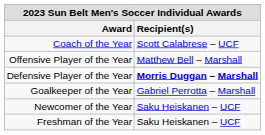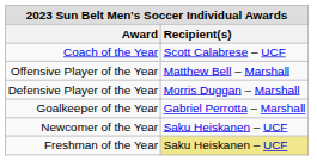 <table class="wikitable" style="white-space:nowrap; font-size:90%;">
 <tr>
 <td colspan="7" style="text-align:center; background:#ddd;"><strong>2023 Sun Belt Men's Soccer Individual Awards</strong></td>
 </tr>
 <tr>
 <th style="text-align:right;">Award</th>
 <th style="text-align:left;">Recipient(s)</th>
 </tr>
 <tr>
 <td style="text-align:right;"><a href='#'>Coach of the Year</a></td>
 <td style="text-align:left;"><a href='#'>Scott Calabrese</a> – <a href='#'>UCF</a></td>
 </tr>
 <tr>
 <td style="text-align:right;">Offensive Player of the Year</td>
 <td style="text-align:left;"><a href='#'>Matthew Bell</a> – <a href='#'>Marshall</a></td>
 </tr>
 <tr>
 <td style="text-align:right;">Defensive Player of the Year</td>
-<td style="text-align:left;"><strong><a href='#'>Morris Duggan</a> – <a href='#'>Marshall</a></strong></td>
+<td style="text-align:left;"><a href='#'>Morris Duggan</a> – <a href='#'>Marshall</a></td>
 </tr>
 <tr>
 <td style="text-align:right;">Goalkeeper of the Year</td>
 <td style="text-align:left;"><a href='#'>Gabriel Perrotta</a> – <a href='#'>Marshall</a></td>
 </tr>
 <tr>
 <td style="text-align:right;">Newcomer of the Year</td>
 <td style="text-align:left;"><a href='#'>Saku Heiskanen</a> – <a href='#'>UCF</a></td>
 </tr>
 <tr>
 <td style="text-align:right;">Freshman of the Year</td>
-<td style="text-align:left;">Saku Heiskanen – <a href='#'>UCF</a></td>
+<td style="background: khaki; text-align:left;">Saku Heiskanen – <a href='#'>UCF</a></td>
 </tr>
 </table>
